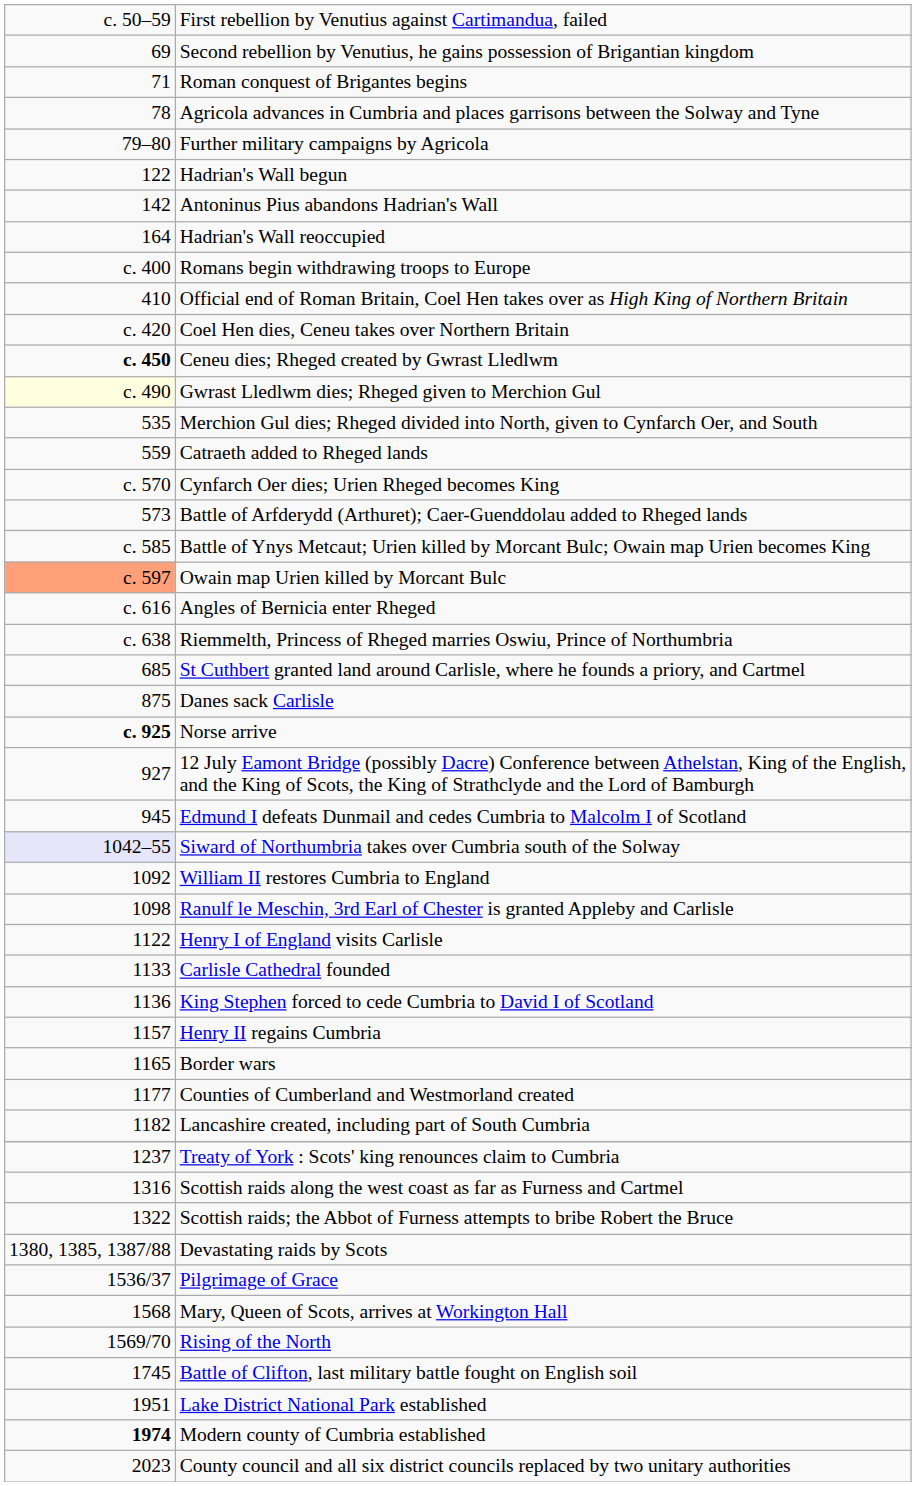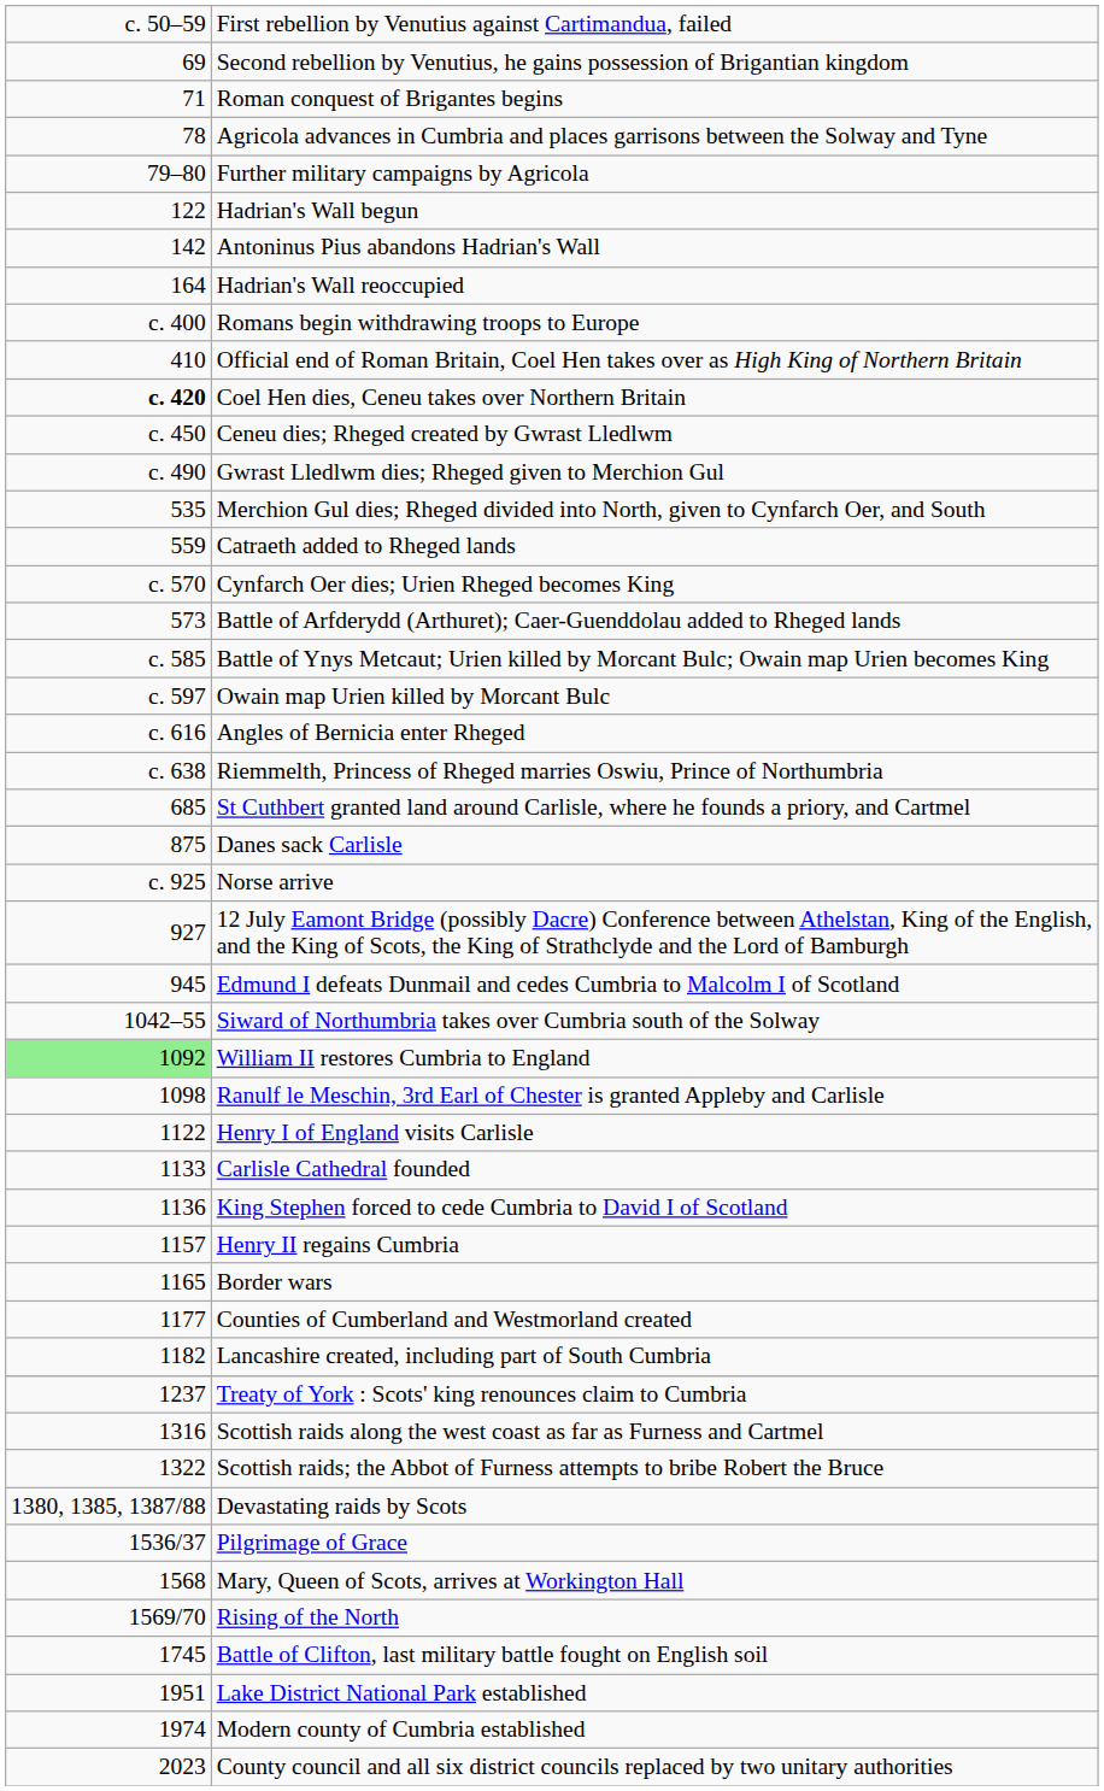 <table class="wikitable">
 <tr>
 <td align="right">c. 50–59</td>
 <td>First rebellion by Venutius against <a href='#'>Cartimandua</a>, failed</td>
 </tr>
 <tr>
 <td align="right">69</td>
 <td>Second rebellion by Venutius, he gains possession of Brigantian kingdom</td>
 </tr>
 <tr>
 <td align="right">71</td>
 <td>Roman conquest of Brigantes begins</td>
 </tr>
 <tr>
 <td align="right">78</td>
 <td>Agricola advances in Cumbria and places garrisons between the Solway and Tyne</td>
 </tr>
 <tr>
 <td align="right">79–80</td>
 <td>Further military campaigns by Agricola</td>
 </tr>
 <tr>
 <td align="right">122</td>
 <td>Hadrian's Wall begun</td>
 </tr>
 <tr>
 <td align="right">142</td>
 <td>Antoninus Pius abandons Hadrian's Wall</td>
 </tr>
 <tr>
 <td align="right">164</td>
 <td>Hadrian's Wall reoccupied</td>
 </tr>
 <tr>
 <td align="right">c. 400</td>
 <td>Romans begin withdrawing troops to Europe</td>
 </tr>
 <tr>
 <td align="right">410</td>
 <td>Official end of Roman Britain, Coel Hen takes over as <em>High King of Northern Britain</em></td>
 </tr>
 <tr>
-<td align="right">c. 420</td>
+<td align="right"><strong>c. 420</strong></td>
 <td>Coel Hen dies, Ceneu takes over Northern Britain</td>
 </tr>
 <tr>
-<td align="right"><strong>c. 450</strong></td>
+<td align="right">c. 450</td>
 <td>Ceneu dies; Rheged created by Gwrast Lledlwm</td>
 </tr>
 <tr>
-<td align="right" style="background: lightyellow;">c. 490</td>
+<td align="right">c. 490</td>
 <td>Gwrast Lledlwm dies; Rheged given to Merchion Gul</td>
 </tr>
 <tr>
 <td align="right">535</td>
 <td>Merchion Gul dies; Rheged divided into North, given to Cynfarch Oer, and South</td>
 </tr>
 <tr>
 <td align="right">559</td>
 <td>Catraeth added to Rheged lands</td>
 </tr>
 <tr>
 <td align="right">c. 570</td>
 <td>Cynfarch Oer dies; Urien Rheged becomes King</td>
 </tr>
 <tr>
 <td align="right">573</td>
 <td>Battle of Arfderydd (Arthuret); Caer-Guenddolau added to Rheged lands</td>
 </tr>
 <tr>
 <td align="right">c. 585</td>
 <td>Battle of Ynys Metcaut; Urien killed by Morcant Bulc; Owain map Urien becomes King</td>
 </tr>
 <tr>
-<td align="right" style="background: lightsalmon;">c. 597</td>
+<td align="right">c. 597</td>
 <td>Owain map Urien killed by Morcant Bulc</td>
 </tr>
 <tr>
 <td align="right">c. 616</td>
 <td>Angles of Bernicia enter Rheged</td>
 </tr>
 <tr>
 <td align="right">c. 638</td>
 <td>Riemmelth, Princess of Rheged marries Oswiu, Prince of Northumbria</td>
 </tr>
 <tr>
 <td align="right">685</td>
 <td><a href='#'>St Cuthbert</a> granted land around Carlisle, where he founds a priory, and Cartmel</td>
 </tr>
 <tr>
 <td align="right">875</td>
 <td>Danes sack <a href='#'>Carlisle</a></td>
 </tr>
 <tr>
-<td align="right"><strong>c. 925</strong></td>
+<td align="right">c. 925</td>
 <td>Norse arrive</td>
 </tr>
 <tr>
 <td align="right">927</td>
 <td>12 July <a href='#'>Eamont Bridge</a> (possibly <a href='#'>Dacre</a>) Conference between <a href='#'>Athelstan</a>, King of the English,<br>and the King of Scots, the King of Strathclyde and the Lord of Bamburgh</td>
 </tr>
 <tr>
 <td align="right">945</td>
 <td><a href='#'>Edmund I</a> defeats Dunmail and cedes Cumbria to <a href='#'>Malcolm I</a> of Scotland</td>
 </tr>
 <tr>
-<td align="right" style="background: lavender;">1042–55</td>
+<td align="right">1042–55</td>
 <td><a href='#'>Siward of Northumbria</a> takes over Cumbria south of the Solway</td>
 </tr>
 <tr>
-<td align="right">1092</td>
+<td align="right" style="background: lightgreen;">1092</td>
 <td><a href='#'>William II</a> restores Cumbria to England</td>
 </tr>
 <tr>
 <td align="right">1098</td>
 <td><a href='#'>Ranulf le Meschin, 3rd Earl of Chester</a> is granted Appleby and Carlisle</td>
 </tr>
 <tr>
 <td align="right">1122</td>
 <td><a href='#'>Henry I of England</a> visits Carlisle</td>
 </tr>
 <tr>
 <td align="right">1133</td>
 <td><a href='#'>Carlisle Cathedral</a> founded</td>
 </tr>
 <tr>
 <td align="right">1136</td>
 <td><a href='#'>King Stephen</a> forced to cede Cumbria to <a href='#'>David I of Scotland</a></td>
 </tr>
 <tr>
 <td align="right">1157</td>
 <td><a href='#'>Henry II</a> regains Cumbria</td>
 </tr>
 <tr>
 <td align="right">1165</td>
 <td>Border wars</td>
 </tr>
 <tr>
 <td align="right">1177</td>
 <td>Counties of Cumberland and Westmorland created</td>
 </tr>
 <tr>
 <td align="right">1182</td>
 <td>Lancashire created, including part of South Cumbria</td>
 </tr>
 <tr>
 </tr>
 <tr align="right"| 1216 || Scots, fighting against King John, take Carlisle>
 </tr>
 <tr>
 <td align="right">1237</td>
 <td><a href='#'>Treaty of York</a> : Scots' king renounces claim to Cumbria</td>
 </tr>
 <tr>
 <td align="right">1316</td>
 <td>Scottish raids along the west coast as far as Furness and Cartmel</td>
 </tr>
 <tr>
 <td align="right">1322</td>
 <td>Scottish raids; the Abbot of Furness attempts to bribe Robert the Bruce</td>
 </tr>
 <tr>
 <td align="right">1380, 1385, 1387/88</td>
 <td>Devastating raids by Scots</td>
 </tr>
 <tr>
 <td align="right">1536/37</td>
 <td><a href='#'>Pilgrimage of Grace</a></td>
 </tr>
 <tr>
 <td align="right">1568</td>
 <td>Mary, Queen of Scots, arrives at <a href='#'>Workington Hall</a></td>
 </tr>
 <tr>
 <td align="right">1569/70</td>
 <td><a href='#'>Rising of the North</a></td>
 </tr>
 <tr>
 <td align="right">1745</td>
 <td><a href='#'>Battle of Clifton</a>, last military battle fought on English soil</td>
 </tr>
 <tr>
 <td align="right">1951</td>
 <td><a href='#'>Lake District National Park</a> established</td>
 </tr>
 <tr>
-<td align="right"><strong>1974</strong></td>
+<td align="right">1974</td>
 <td>Modern county of Cumbria established</td>
 </tr>
 <tr>
 <td align="right">2023</td>
 <td>County council and all six district councils replaced by two unitary authorities</td>
 </tr>
 </table>
